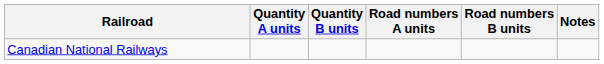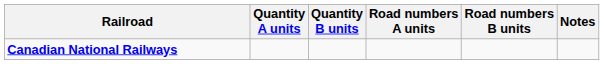 <table class="wikitable">
 <tr>
 <th>Railroad</th>
 <th>Quantity<br><a href='#'>A units</a></th>
 <th>Quantity<br><a href='#'>B units</a></th>
 <th>Road numbers<br>A units</th>
 <th>Road numbers<br>B units</th>
 <th>Notes</th>
 </tr>
 <tr>
-<td style="width:300px"><a href='#'>Canadian National Railways</a></td>
+<td style="width:300px"><strong><a href='#'>Canadian National Railways</a></strong></td>
 <td></td>
 <td></td>
 <td></td>
 <td></td>
 </tr>
 </table>
